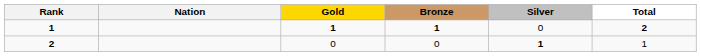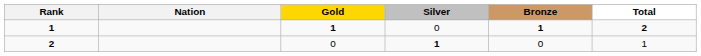 <table class="wikitable collapsible autocollapse plainrowheaders" width=70.5% style="text-align:center;">
 <tr style="background-color:#EDEDED;">
 <th width=100px class="hintergrundfarbe5">Rank</th>
 <th width=200px class="hintergrundfarbe6">Nation</th>
 <th style="background:    gold; width:15%">Gold</th>
+<th style="background:  silver; width:15%">Silver</th>
 <th style="background: #CC9966; width:15%">Bronze</th>
-<th style="background:  silver; width:15%">Silver</th>
 <th style="background:   white; width:15%">Total</th>
 </tr>
 <tr>
 <td><strong>1</strong></td>
 <td align=left></td>
 <td><strong>1</strong></td>
+<td>0</td>
 <td><strong>1</strong></td>
-<td>0</td>
 <td><strong>2</strong></td>
 </tr>
 <tr>
 <td><strong>2</strong></td>
 <td align=left></td>
 <td>0</td>
+<td><strong>1</strong></td>
 <td>0</td>
-<td><strong>1</strong></td>
 <td>1</td>
 </tr>
 </table>
